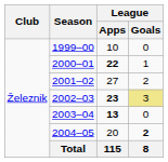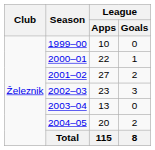 <table class="wikitable" style="text-align:center">
 <tr>
 <th rowspan="2">Club</th>
 <th rowspan="2">Season</th>
 <th colspan="2">League</th>
 </tr>
 <tr>
 <th>Apps</th>
 <th>Goals</th>
 </tr>
 <tr>
 <td rowspan="7"><a href='#'>Železnik</a></td>
 <td><a href='#'>1999–00</a></td>
 <td>10</td>
 <td>0</td>
 </tr>
 <tr>
 <td><a href='#'>2000–01</a></td>
-<td><strong>22</strong></td>
+<td>22</td>
 <td>1</td>
 </tr>
 <tr>
 <td><a href='#'>2001–02</a></td>
 <td>27</td>
 <td>2</td>
 </tr>
 <tr>
 <td><a href='#'>2002–03</a></td>
-<td><strong>23</strong></td>
-<td style="background: khaki;">3</td>
+<td>23</td>
+<td>3</td>
 </tr>
 <tr>
 <td><a href='#'>2003–04</a></td>
-<td><strong>13</strong></td>
+<td>13</td>
 <td>0</td>
 </tr>
 <tr>
 <td><a href='#'>2004–05</a></td>
 <td>20</td>
-<td><strong>2</strong></td>
+<td>2</td>
 </tr>
 <tr>
 <th>Total</th>
 <th>115</th>
 <th>8</th>
 </tr>
 </table>
